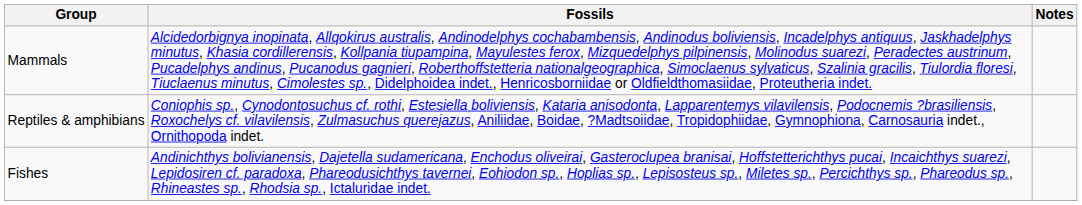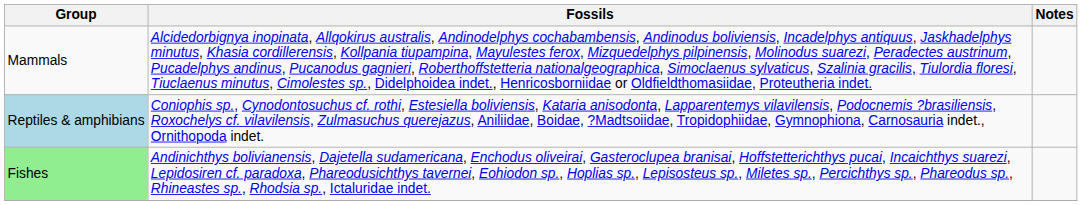 <table class="wikitable sortable">
 <tr>
 <th>Group</th>
 <th>Fossils</th>
 <th>Notes</th>
 </tr>
 <tr>
 <td>Mammals</td>
 <td><em><a href='#'>Alcidedorbignya inopinata</a></em>, <em><a href='#'>Allqokirus australis</a></em>, <em><a href='#'>Andinodelphys cochabambensis</a></em>, <em><a href='#'>Andinodus boliviensis</a></em>,  <em><a href='#'>Incadelphys antiquus</a></em>, <em><a href='#'>Jaskhadelphys minutus</a></em>, <em><a href='#'>Khasia cordillerensis</a></em>, <em><a href='#'>Kollpania tiupampina</a></em>, <em><a href='#'>Mayulestes ferox</a></em>, <em><a href='#'>Mizquedelphys pilpinensis</a></em>, <em><a href='#'>Molinodus suarezi</a></em>, <em><a href='#'>Peradectes austrinum</a></em>, <em><a href='#'>Pucadelphys andinus</a></em>, <em><a href='#'>Pucanodus gagnieri</a></em>, <em><a href='#'>Roberthoffstetteria nationalgeographica</a></em>, <em><a href='#'>Simoclaenus sylvaticus</a></em>, <em><a href='#'>Szalinia gracilis</a></em>, <em><a href='#'>Tiulordia floresi</a></em>, <em><a href='#'>Tiuclaenus minutus</a></em>, <em><a href='#'>Cimolestes sp.</a></em>, <a href='#'>Didelphoidea indet.</a>, <a href='#'>Henricosborniidae</a> or <a href='#'>Oldfieldthomasiidae</a>, <a href='#'>Proteutheria indet.</a></td>
 <td></td>
 </tr>
 <tr>
-<td>Reptiles & amphibians</td>
+<td style="background: lightblue;">Reptiles & amphibians</td>
 <td><em><a href='#'>Coniophis sp.</a></em>, <em><a href='#'>Cynodontosuchus cf. rothi</a></em>, <em><a href='#'>Estesiella boliviensis</a></em>, <em><a href='#'>Kataria anisodonta</a></em>, <em><a href='#'>Lapparentemys vilavilensis</a></em>, <em><a href='#'>Podocnemis ?brasiliensis</a></em>, <em><a href='#'>Roxochelys cf. vilavilensis</a></em>, <em><a href='#'>Zulmasuchus querejazus</a></em>, <a href='#'>Aniliidae</a>, <a href='#'>Boidae</a>, <a href='#'>?Madtsoiidae</a>, <a href='#'>Tropidophiidae</a>, <a href='#'>Gymnophiona</a>, <a href='#'>Carnosauria</a> indet., <a href='#'>Ornithopoda</a> indet.</td>
 <td></td>
 </tr>
 <tr>
-<td>Fishes</td>
+<td style="background: lightgreen;">Fishes</td>
 <td><em><a href='#'>Andinichthys bolivianensis</a></em>, <em><a href='#'>Dajetella sudamericana</a></em>, <em><a href='#'>Enchodus oliveirai</a></em>, <em><a href='#'>Gasteroclupea branisai</a></em>, <em><a href='#'>Hoffstetterichthys pucai</a></em>, <em><a href='#'>Incaichthys suarezi</a></em>, <em><a href='#'>Lepidosiren cf. paradoxa</a></em>, <em><a href='#'>Phareodusichthys tavernei</a></em>, <em><a href='#'>Eohiodon sp.</a></em>, <em><a href='#'>Hoplias sp.</a></em>, <em><a href='#'>Lepisosteus sp.</a></em>, <em><a href='#'>Miletes sp.</a></em>, <em><a href='#'>Percichthys sp.</a></em>, <em><a href='#'>Phareodus sp.</a></em>, <em><a href='#'>Rhineastes sp.</a></em>, <em><a href='#'>Rhodsia sp.</a></em>, <a href='#'>Ictaluridae indet.</a></td>
 <td></td>
 </tr>
 <tr>
 </tr>
 </table>
